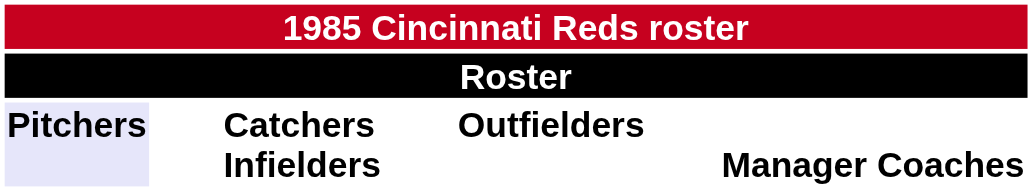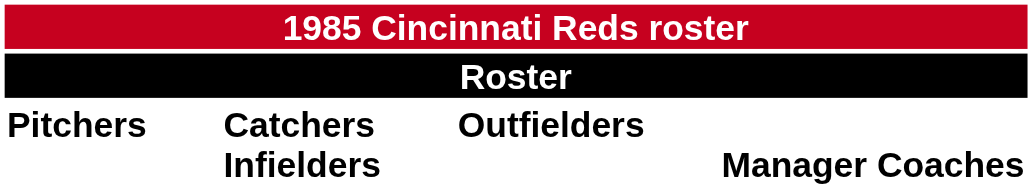 <table class="toccolours" style="font-size: 95%;">
 <tr>
 <th colspan="10" style="background:#c6011f; color:white; text-align:center;">1985 Cincinnati Reds roster</th>
 </tr>
 <tr>
 <td colspan="10" style="background:black; color:white; text-align:center;"><strong>Roster</strong></td>
 </tr>
 <tr>
-<td valign="top" style="background: lavender;"><strong>Pitchers</strong><br>              </td>
+<td valign="top"><strong>Pitchers</strong><br>              </td>
 <td style="width:25px;"></td>
 <td valign="top"><strong>Catchers</strong><br>    <strong>Infielders</strong>          </td>
 <td style="width:25px;"></td>
 <td valign="top"><strong>Outfielders</strong><br>       </td>
 <td style="width:25px;"></td>
 <td valign="top"><br><strong>Manager</strong>  <strong>Coaches</strong>     </td>
 </tr>
 </table>
